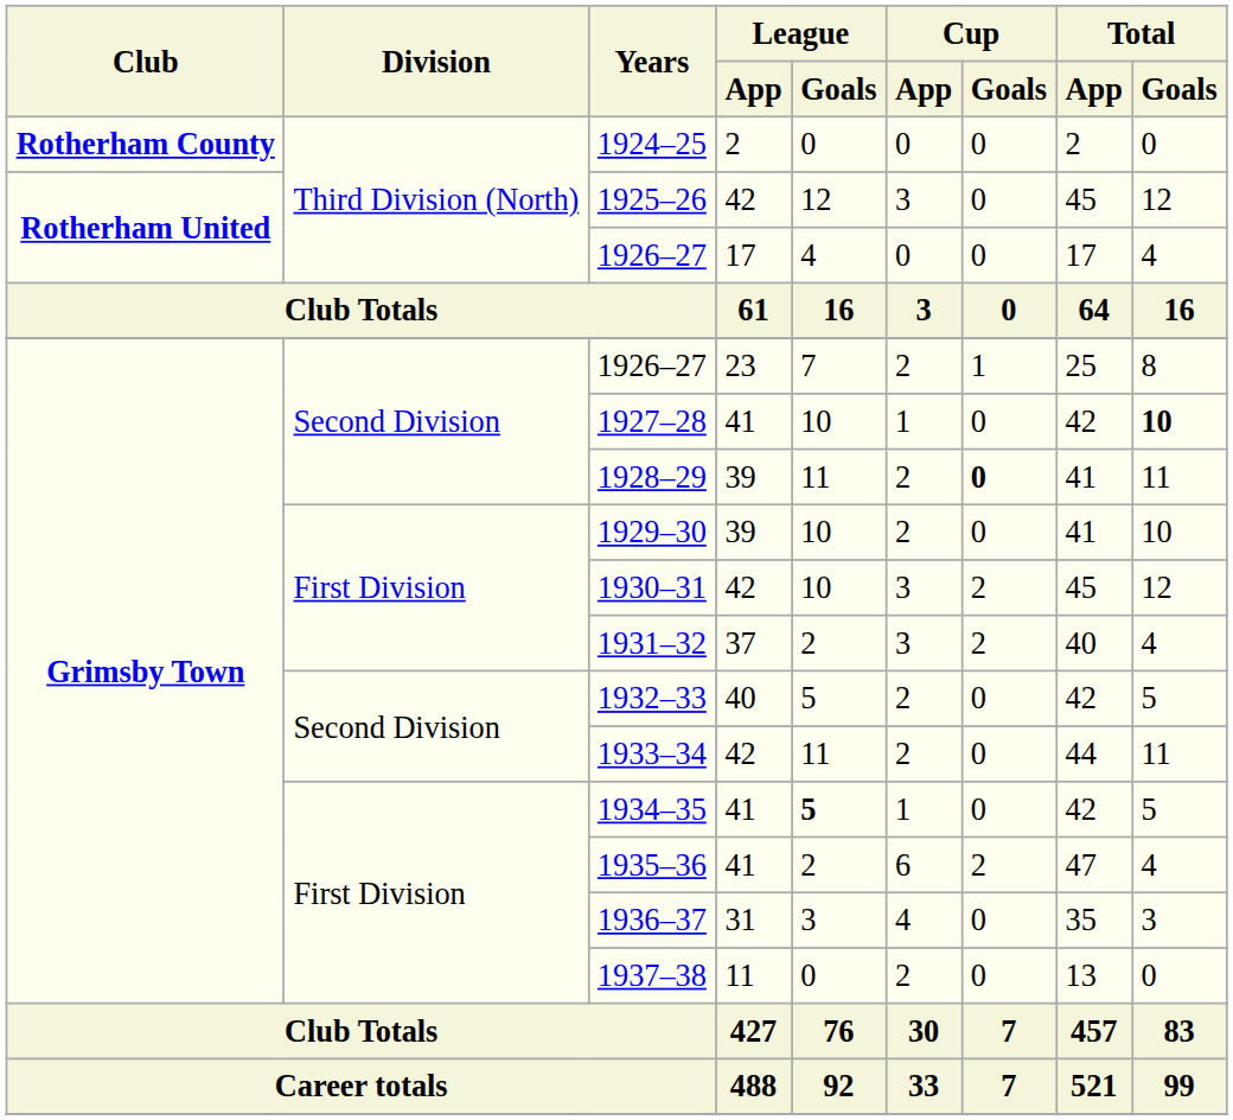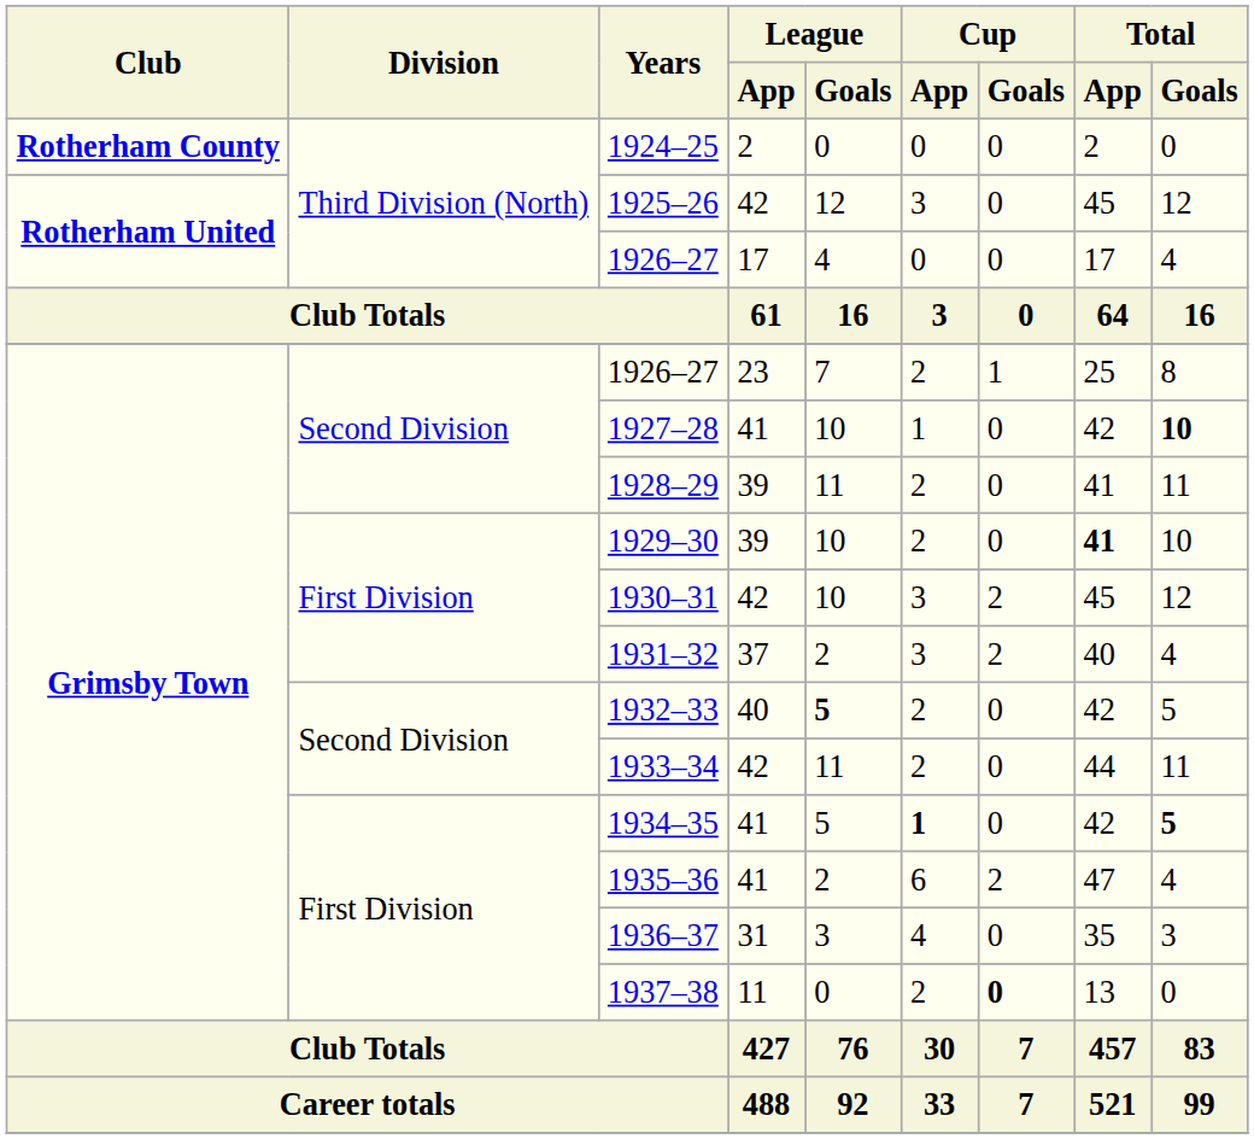 <table border=1 align=center cellpadding=4 cellspacing=2 style="background: ivory; font-size: 95%; border: 1px #aaaaaa solid; border-collapse: collapse; clear:center">
 <tr style="background:beige">
 <th rowspan="2">Club</th>
 <th rowspan="2">Division</th>
 <th rowspan="2">Years</th>
 <th colspan="2">League</th>
 <th colspan="2">Cup</th>
 <th colspan="2">Total</th>
 </tr>
 <tr style="background:beige">
 <th>App</th>
 <th>Goals</th>
 <th>App</th>
 <th>Goals</th>
 <th>App</th>
 <th>Goals</th>
 </tr>
 <tr>
 <td align=center valign=center><strong><a href='#'>Rotherham County</a></strong></td>
 <td rowspan="3" valign=center><a href='#'>Third Division (North)</a></td>
 <td><a href='#'>1924–25</a></td>
 <td>2</td>
 <td>0</td>
 <td>0</td>
 <td>0</td>
 <td>2</td>
 <td>0</td>
 </tr>
 <tr>
 <td rowspan="2" align=center valign=center><strong><a href='#'>Rotherham United</a></strong></td>
 <td><a href='#'>1925–26</a></td>
 <td>42</td>
 <td>12</td>
 <td>3</td>
 <td>0</td>
 <td>45</td>
 <td>12</td>
 </tr>
 <tr>
 <td><a href='#'>1926–27</a></td>
 <td>17</td>
 <td>4</td>
 <td>0</td>
 <td>0</td>
 <td>17</td>
 <td>4</td>
 </tr>
 <tr>
 <th style="background:beige" colspan="3">Club Totals</th>
 <th style="background:beige">61</th>
 <th style="background:beige">16</th>
 <th style="background:beige">3</th>
 <th style="background:beige">0</th>
 <th style="background:beige">64</th>
 <th style="background:beige">16</th>
 </tr>
 <tr>
 </tr>
 <tr>
 <td rowspan="12" align=center valign=center><strong><a href='#'>Grimsby Town</a></strong></td>
 <td rowspan="3"><a href='#'>Second Division</a></td>
 <td>1926–27</td>
 <td>23</td>
 <td>7</td>
 <td>2</td>
 <td>1</td>
 <td>25</td>
 <td>8</td>
 </tr>
 <tr>
 <td><a href='#'>1927–28</a></td>
 <td>41</td>
 <td>10</td>
 <td>1</td>
 <td>0</td>
 <td>42</td>
 <td><strong>10</strong></td>
 </tr>
 <tr>
 <td><a href='#'>1928–29</a></td>
 <td>39</td>
 <td>11</td>
 <td>2</td>
-<td><strong>0</strong></td>
+<td>0</td>
 <td>41</td>
 <td>11</td>
 </tr>
 <tr>
 <td rowspan="3"><a href='#'>First Division</a></td>
 <td><a href='#'>1929–30</a></td>
 <td>39</td>
 <td>10</td>
 <td>2</td>
 <td>0</td>
-<td>41</td>
+<td><strong>41</strong></td>
 <td>10</td>
 </tr>
 <tr>
 <td><a href='#'>1930–31</a></td>
 <td>42</td>
 <td>10</td>
 <td>3</td>
 <td>2</td>
 <td>45</td>
 <td>12</td>
 </tr>
 <tr>
 <td><a href='#'>1931–32</a></td>
 <td>37</td>
 <td>2</td>
 <td>3</td>
 <td>2</td>
 <td>40</td>
 <td>4</td>
 </tr>
 <tr>
 <td rowspan="2">Second Division</td>
 <td><a href='#'>1932–33</a></td>
 <td>40</td>
-<td>5</td>
+<td><strong>5</strong></td>
 <td>2</td>
 <td>0</td>
 <td>42</td>
 <td>5</td>
 </tr>
 <tr>
 <td><a href='#'>1933–34</a></td>
 <td>42</td>
 <td>11</td>
 <td>2</td>
 <td>0</td>
 <td>44</td>
 <td>11</td>
 </tr>
 <tr>
 <td rowspan="4">First Division</td>
 <td><a href='#'>1934–35</a></td>
 <td>41</td>
-<td><strong>5</strong></td>
-<td>1</td>
+<td>5</td>
+<td><strong>1</strong></td>
 <td>0</td>
 <td>42</td>
-<td>5</td>
+<td><strong>5</strong></td>
 </tr>
 <tr>
 <td><a href='#'>1935–36</a></td>
 <td>41</td>
 <td>2</td>
 <td>6</td>
 <td>2</td>
 <td>47</td>
 <td>4</td>
 </tr>
 <tr>
 <td><a href='#'>1936–37</a></td>
 <td>31</td>
 <td>3</td>
 <td>4</td>
 <td>0</td>
 <td>35</td>
 <td>3</td>
 </tr>
 <tr>
 <td><a href='#'>1937–38</a></td>
 <td>11</td>
 <td>0</td>
 <td>2</td>
-<td>0</td>
+<td><strong>0</strong></td>
 <td>13</td>
 <td>0</td>
 </tr>
 <tr>
 <th style="background:beige" colspan="3">Club Totals</th>
 <th style="background:beige">427</th>
 <th style="background:beige">76</th>
 <th style="background:beige">30</th>
 <th style="background:beige">7</th>
 <th style="background:beige">457</th>
 <th style="background:beige">83</th>
 </tr>
 <tr>
 <th style="background:beige" colspan="3">Career totals</th>
 <th style="background:beige">488</th>
 <th style="background:beige">92</th>
 <th style="background:beige">33</th>
 <th style="background:beige">7</th>
 <th style="background:beige">521</th>
 <th style="background:beige">99</th>
 </tr>
 <tr>
 </tr>
 </table>
